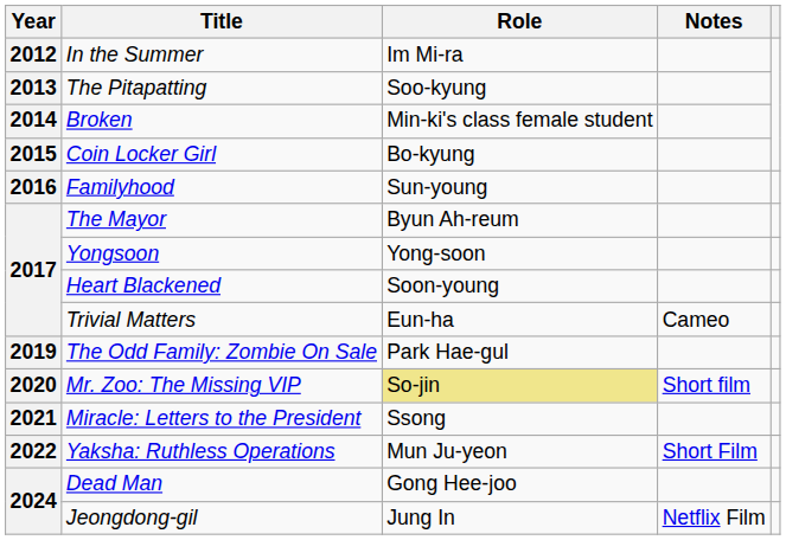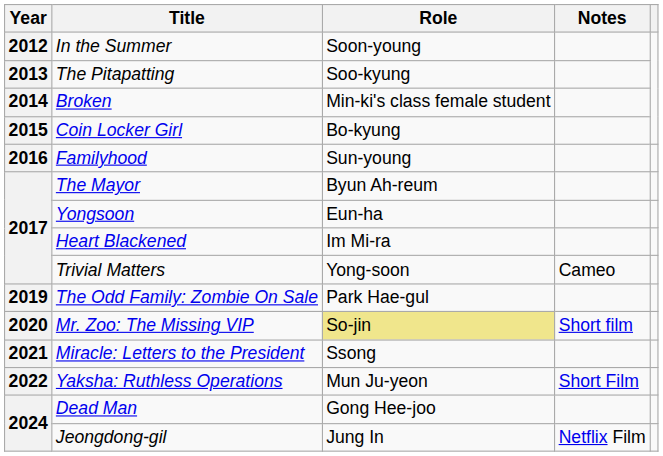 <table class="wikitable sortable plainrowheaders">
 <tr>
 <th scope="col">Year</th>
 <th scope="col">Title</th>
 <th scope="col">Role</th>
 <th scope="col">Notes</th>
 <th scope="col" class="unsortable"></th>
 </tr>
 <tr>
 <th scope="row">2012</th>
 <td><em>In the Summer</em></td>
-<td>Im Mi-ra</td>
+<td>Soon-young</td>
 <td></td>
 <td rowspan="4"></td>
 </tr>
 <tr>
 <th scope="row">2013</th>
 <td><em>The Pitapatting</em></td>
 <td>Soo-kyung</td>
 <td></td>
 </tr>
 <tr>
 <th scope="row">2014</th>
 <td><em><a href='#'>Broken</a></em></td>
 <td>Min-ki's class female student</td>
 <td></td>
 </tr>
 <tr>
 <th scope="row">2015</th>
 <td><em><a href='#'>Coin Locker Girl</a></em></td>
 <td>Bo-kyung</td>
 <td></td>
 </tr>
 <tr>
 <th scope="row">2016</th>
 <td><em><a href='#'>Familyhood</a></em></td>
 <td>Sun-young</td>
 <td></td>
 <td></td>
 </tr>
 <tr>
 <th rowspan="4" scope="row">2017</th>
 <td><em><a href='#'>The Mayor</a></em></td>
 <td>Byun Ah-reum</td>
 <td></td>
 <td></td>
 </tr>
 <tr>
 <td><em><a href='#'>Yongsoon</a></em></td>
-<td>Yong-soon</td>
+<td>Eun-ha</td>
 <td></td>
 <td></td>
 </tr>
 <tr>
 <td><em><a href='#'>Heart Blackened</a></em></td>
-<td>Soon-young</td>
+<td>Im Mi-ra</td>
 <td></td>
 <td></td>
 </tr>
 <tr>
 <td><em>Trivial Matters</em></td>
-<td>Eun-ha</td>
+<td>Yong-soon</td>
 <td>Cameo</td>
 <td></td>
 </tr>
 <tr>
 <th scope="row">2019</th>
 <td><em><a href='#'>The Odd Family: Zombie On Sale</a></em></td>
 <td>Park Hae-gul</td>
 <td></td>
 <td></td>
 </tr>
 <tr>
 <th scope="row">2020</th>
 <td><em><a href='#'>Mr. Zoo: The Missing VIP</a></em></td>
 <td style="background: khaki;">So-jin</td>
 <td><a href='#'>Short film</a></td>
 <td></td>
 </tr>
 <tr>
 <th scope="row">2021</th>
 <td><em><a href='#'>Miracle: Letters to the President</a></em></td>
 <td>Ssong</td>
 <td></td>
 <td></td>
 </tr>
 <tr>
 <th scope="row">2022</th>
 <td><em><a href='#'>Yaksha: Ruthless Operations</a></em></td>
 <td>Mun Ju-yeon</td>
 <td><a href='#'>Short Film</a></td>
 <td></td>
 </tr>
 <tr>
 <th rowspan="2" scope="row">2024</th>
 <td><em><a href='#'>Dead Man</a></em></td>
 <td>Gong Hee-joo</td>
 <td></td>
 <td></td>
 </tr>
 <tr>
 <td><em>Jeongdong-gil</em></td>
 <td>Jung In</td>
 <td><a href='#'>Netflix</a> Film</td>
 <td></td>
 </tr>
 </table>
